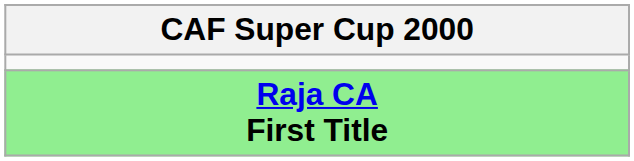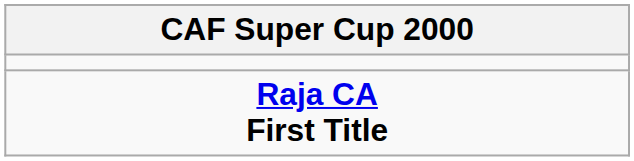 <table class="wikitable" style="margin: 0 auto; width: 20%;">
 <tr>
 <th>CAF Super Cup 2000</th>
 </tr>
 <tr>
 <td align=center></td>
 </tr>
 <tr>
-<td align=center style="background: lightgreen;"><strong><a href='#'>Raja CA</a></strong><br><strong>First Title</strong> <br></td>
+<td align=center><strong><a href='#'>Raja CA</a></strong><br><strong>First Title</strong> <br></td>
 </tr>
 </table>
